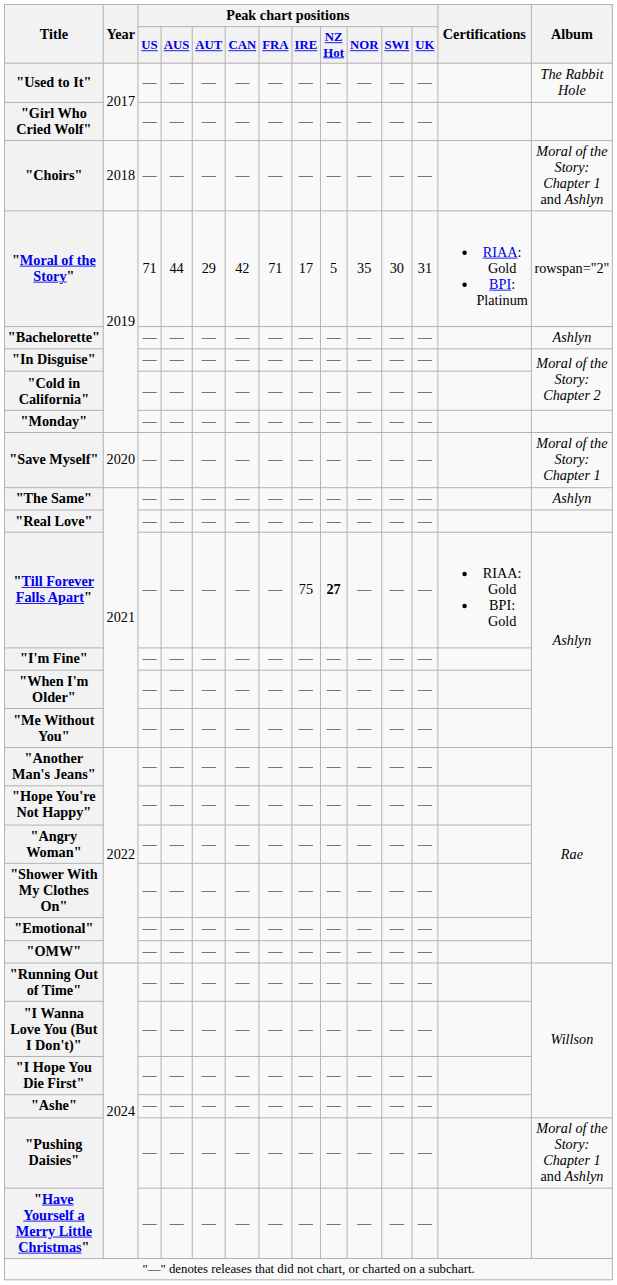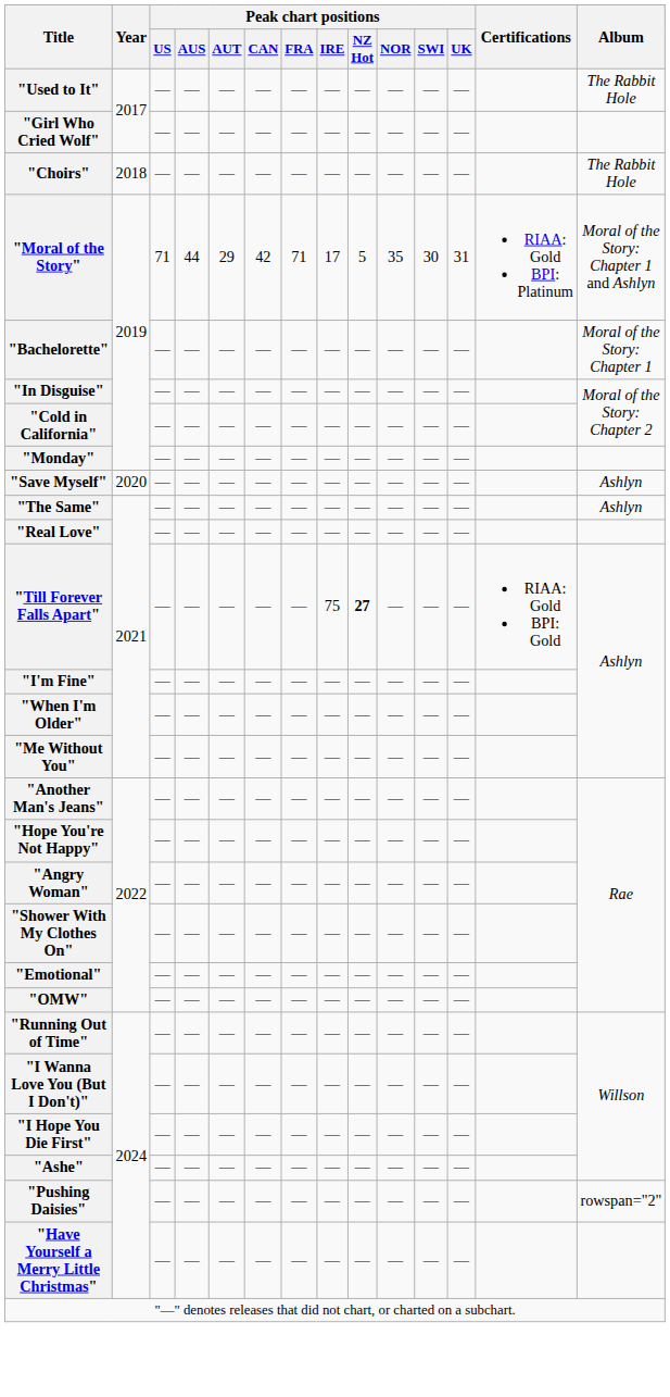 <table class="wikitable plainrowheaders" style="text-align:center;">
 <tr>
 <th scope="col" rowspan="2" style="width:15em;">Title</th>
 <th scope="col" rowspan="2">Year</th>
 <th scope="col" colspan="10">Peak chart positions</th>
 <th rowspan="2" style="width:8em">Certifications</th>
 <th scope="col" rowspan="2">Album</th>
 </tr>
 <tr>
 <th scope="col" style="width:2.5em;font-size:90%;"><a href='#'>US</a><br></th>
 <th scope="col" style="width:2.5em;font-size:90%;"><a href='#'>AUS</a><br></th>
 <th scope="col" style="width:2.5em;font-size:90%;"><a href='#'>AUT</a><br></th>
 <th scope="col" style="width:2.5em;font-size:90%;"><a href='#'>CAN</a><br></th>
 <th scope="col" style="width:2.5em;font-size:90%;"><a href='#'>FRA</a><br></th>
 <th scope="col" style="width:2.5em;font-size:90%;"><a href='#'>IRE</a><br></th>
 <th scope="col" style="width:2.5em;font-size:90%;"><a href='#'>NZ<br>Hot</a><br></th>
 <th scope="col" style="width:2.5em;font-size:90%;"><a href='#'>NOR</a><br></th>
 <th scope="col" style="width:2.5em;font-size:90%;"><a href='#'>SWI</a><br></th>
 <th scope="col" style="width:2.5em;font-size:90%;"><a href='#'>UK</a><br></th>
 </tr>
 <tr>
 <th scope="row">"Used to It"</th>
 <td rowspan="2">2017</td>
 <td>—</td>
 <td>—</td>
 <td>—</td>
 <td>—</td>
 <td>—</td>
 <td>—</td>
 <td>—</td>
 <td>—</td>
 <td>—</td>
 <td>—</td>
 <td></td>
 <td><em>The Rabbit Hole</em></td>
 </tr>
 <tr>
 <th scope="row">"Girl Who Cried Wolf"</th>
 <td>—</td>
 <td>—</td>
 <td>—</td>
 <td>—</td>
 <td>—</td>
 <td>—</td>
 <td>—</td>
 <td>—</td>
 <td>—</td>
 <td>—</td>
 <td></td>
 </tr>
 <tr>
 <th scope="row">"Choirs"</th>
 <td>2018</td>
 <td>—</td>
 <td>—</td>
 <td>—</td>
 <td>—</td>
 <td>—</td>
 <td>—</td>
 <td>—</td>
 <td>—</td>
 <td>—</td>
 <td>—</td>
 <td></td>
-<td><em>Moral of the Story: Chapter 1</em> and <em>Ashlyn</em></td>
+<td><em>The Rabbit Hole</em></td>
 </tr>
 <tr>
 <th scope="row">"<a href='#'>Moral of the Story</a>"<br></th>
 <td rowspan="5">2019</td>
 <td>71</td>
 <td>44</td>
 <td>29</td>
 <td>42</td>
 <td>71</td>
 <td>17</td>
 <td>5</td>
 <td>35</td>
 <td>30</td>
 <td>31</td>
 <td><br><ul><li><a href='#'>RIAA</a>: Gold</li><li><a href='#'>BPI</a>: Platinum</li></ul></td>
-<td>rowspan="2" </td>
+<td><em>Moral of the Story: Chapter 1</em> and <em>Ashlyn</em></td>
 </tr>
 <tr>
 <th scope="row">"Bachelorette"</th>
 <td>—</td>
 <td>—</td>
 <td>—</td>
 <td>—</td>
 <td>—</td>
 <td>—</td>
 <td>—</td>
 <td>—</td>
 <td>—</td>
 <td>—</td>
 <td></td>
-<td><em>Ashlyn</em></td>
+<td><em>Moral of the Story: Chapter 1</em></td>
 </tr>
 <tr>
 <th scope="row">"In Disguise"</th>
 <td>—</td>
 <td>—</td>
 <td>—</td>
 <td>—</td>
 <td>—</td>
 <td>—</td>
 <td>—</td>
 <td>—</td>
 <td>—</td>
 <td>—</td>
 <td></td>
 <td rowspan="2"><em>Moral of the Story: Chapter 2</em></td>
 </tr>
 <tr>
 <th scope="row">"Cold in California"</th>
 <td>—</td>
 <td>—</td>
 <td>—</td>
 <td>—</td>
 <td>—</td>
 <td>—</td>
 <td>—</td>
 <td>—</td>
 <td>—</td>
 <td>—</td>
 <td></td>
 </tr>
 <tr>
 <th scope="row">"Monday"<br></th>
 <td>—</td>
 <td>—</td>
 <td>—</td>
 <td>—</td>
 <td>—</td>
 <td>—</td>
 <td>—</td>
 <td>—</td>
 <td>—</td>
 <td>—</td>
 <td></td>
 <td></td>
 </tr>
 <tr>
 <th scope="row">"Save Myself"</th>
 <td>2020</td>
 <td>—</td>
 <td>—</td>
 <td>—</td>
 <td>—</td>
 <td>—</td>
 <td>—</td>
 <td>—</td>
 <td>—</td>
 <td>—</td>
 <td>—</td>
 <td></td>
-<td><em>Moral of the Story: Chapter 1</em></td>
+<td><em>Ashlyn</em></td>
 </tr>
 <tr>
 <th scope="row">"The Same"</th>
 <td rowspan="6">2021</td>
 <td>—</td>
 <td>—</td>
 <td>—</td>
 <td>—</td>
 <td>—</td>
 <td>—</td>
 <td>—</td>
 <td>—</td>
 <td>—</td>
 <td>—</td>
 <td></td>
 <td><em>Ashlyn</em></td>
 </tr>
 <tr>
 <th scope="row">"Real Love"</th>
 <td>—</td>
 <td>—</td>
 <td>—</td>
 <td>—</td>
 <td>—</td>
 <td>—</td>
 <td>—</td>
 <td>—</td>
 <td>—</td>
 <td>—</td>
 <td></td>
 </tr>
 <tr>
 <th scope="row">"<a href='#'>Till Forever Falls Apart</a>"<br></th>
 <td>—</td>
 <td>—</td>
 <td>—</td>
 <td>—</td>
 <td>—</td>
 <td>75</td>
 <td><strong>27</strong></td>
 <td>—</td>
 <td>—</td>
 <td>—</td>
 <td><br><ul><li>RIAA: Gold</li><li>BPI: Gold</li></ul></td>
 <td rowspan="4"><em>Ashlyn</em></td>
 </tr>
 <tr>
 <th scope="row">"I'm Fine"</th>
 <td>—</td>
 <td>—</td>
 <td>—</td>
 <td>—</td>
 <td>—</td>
 <td>—</td>
 <td>—</td>
 <td>—</td>
 <td>—</td>
 <td>—</td>
 <td></td>
 </tr>
 <tr>
 <th scope="row">"When I'm Older"</th>
 <td>—</td>
 <td>—</td>
 <td>—</td>
 <td>—</td>
 <td>—</td>
 <td>—</td>
 <td>—</td>
 <td>—</td>
 <td>—</td>
 <td>—</td>
 <td></td>
 </tr>
 <tr>
 <th scope="row">"Me Without You"</th>
 <td>—</td>
 <td>—</td>
 <td>—</td>
 <td>—</td>
 <td>—</td>
 <td>—</td>
 <td>—</td>
 <td>—</td>
 <td>—</td>
 <td>—</td>
 <td></td>
 </tr>
 <tr>
 <th scope="row">"Another Man's Jeans"</th>
 <td rowspan="6">2022</td>
 <td>—</td>
 <td>—</td>
 <td>—</td>
 <td>—</td>
 <td>—</td>
 <td>—</td>
 <td>—</td>
 <td>—</td>
 <td>—</td>
 <td>—</td>
 <td></td>
 <td rowspan="6"><em>Rae</em></td>
 </tr>
 <tr>
 <th scope="row">"Hope You're Not Happy"</th>
 <td>—</td>
 <td>—</td>
 <td>—</td>
 <td>—</td>
 <td>—</td>
 <td>—</td>
 <td>—</td>
 <td>—</td>
 <td>—</td>
 <td>—</td>
 <td></td>
 </tr>
 <tr>
 <th scope="row">"Angry Woman"</th>
 <td>—</td>
 <td>—</td>
 <td>—</td>
 <td>—</td>
 <td>—</td>
 <td>—</td>
 <td>—</td>
 <td>—</td>
 <td>—</td>
 <td>—</td>
 <td></td>
 </tr>
 <tr>
 <th scope="row">"Shower With My Clothes On"</th>
 <td>—</td>
 <td>—</td>
 <td>—</td>
 <td>—</td>
 <td>—</td>
 <td>—</td>
 <td>—</td>
 <td>—</td>
 <td>—</td>
 <td>—</td>
 <td></td>
 </tr>
 <tr>
 <th scope="row">"Emotional"</th>
 <td>—</td>
 <td>—</td>
 <td>—</td>
 <td>—</td>
 <td>—</td>
 <td>—</td>
 <td>—</td>
 <td>—</td>
 <td>—</td>
 <td>—</td>
 <td></td>
 </tr>
 <tr>
 <th scope="row">"OMW"</th>
 <td>—</td>
 <td>—</td>
 <td>—</td>
 <td>—</td>
 <td>—</td>
 <td>—</td>
 <td>—</td>
 <td>—</td>
 <td>—</td>
 <td>—</td>
 <td></td>
 </tr>
 <tr>
 <th scope="row">"Running Out of Time"</th>
 <td rowspan="6">2024</td>
 <td>—</td>
 <td>—</td>
 <td>—</td>
 <td>—</td>
 <td>—</td>
 <td>—</td>
 <td>—</td>
 <td>—</td>
 <td>—</td>
 <td>—</td>
 <td></td>
 <td rowspan="4"><em>Willson</em></td>
 </tr>
 <tr>
 <th scope="row">"I Wanna Love You (But I Don't)"</th>
 <td>—</td>
 <td>—</td>
 <td>—</td>
 <td>—</td>
 <td>—</td>
 <td>—</td>
 <td>—</td>
 <td>—</td>
 <td>—</td>
 <td>—</td>
 <td></td>
 </tr>
 <tr>
 <th scope="row">"I Hope You Die First"</th>
 <td>—</td>
 <td>—</td>
 <td>—</td>
 <td>—</td>
 <td>—</td>
 <td>—</td>
 <td>—</td>
 <td>—</td>
 <td>—</td>
 <td>—</td>
 <td></td>
 </tr>
 <tr>
 <th scope="row">"Ashe"</th>
 <td>—</td>
 <td>—</td>
 <td>—</td>
 <td>—</td>
 <td>—</td>
 <td>—</td>
 <td>—</td>
 <td>—</td>
 <td>—</td>
 <td>—</td>
 <td></td>
 </tr>
 <tr>
 <th scope="row">"Pushing Daisies"<br></th>
 <td>—</td>
 <td>—</td>
 <td>—</td>
 <td>—</td>
 <td>—</td>
 <td>—</td>
 <td>—</td>
 <td>—</td>
 <td>—</td>
 <td>—</td>
 <td></td>
-<td><em>Moral of the Story: Chapter 1</em> and <em>Ashlyn</em></td>
+<td>rowspan="2" </td>
 </tr>
 <tr>
 <th scope="row">"<a href='#'>Have Yourself a Merry Little Christmas</a>"</th>
 <td>—</td>
 <td>—</td>
 <td>—</td>
 <td>—</td>
 <td>—</td>
 <td>—</td>
 <td>—</td>
 <td>—</td>
 <td>—</td>
 <td>—</td>
 <td></td>
 </tr>
 <tr>
 <td colspan="14" style="font-size:90%">"—" denotes releases that did not chart, or charted on a subchart.</td>
 </tr>
 </table>
